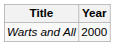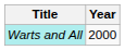 <table class="wikitable">
 <tr>
 <th>Title</th>
 <th>Year</th>
 </tr>
 <tr>
-<td><em>Warts and All</em></td>
+<td style="background: paleturquoise;"><em>Warts and All</em></td>
 <td>2000</td>
 </tr>
 </table>
